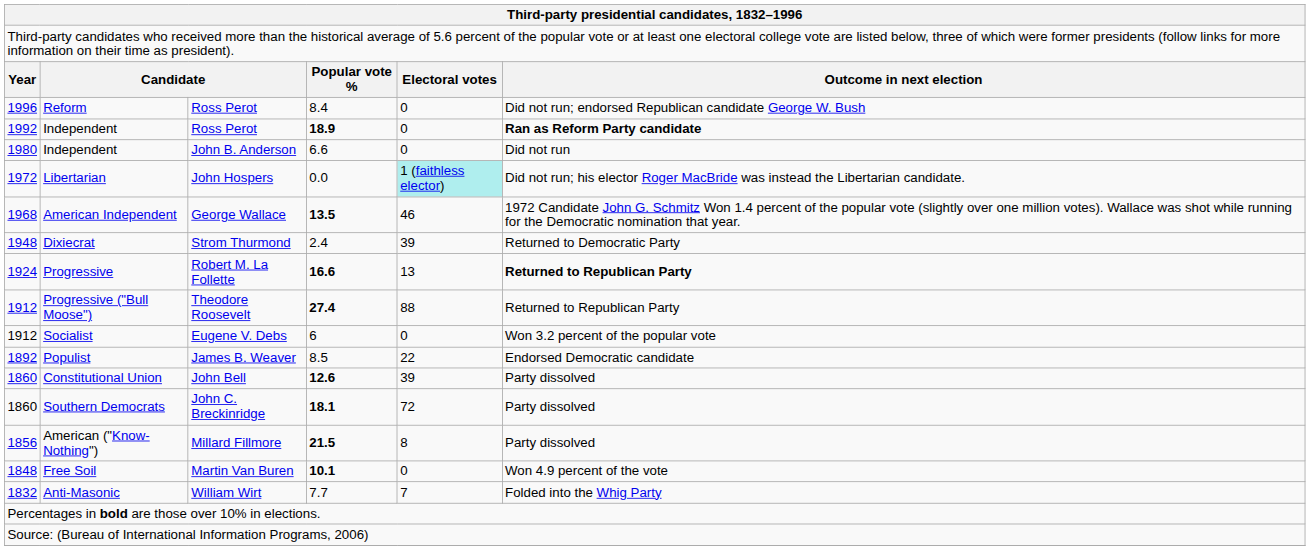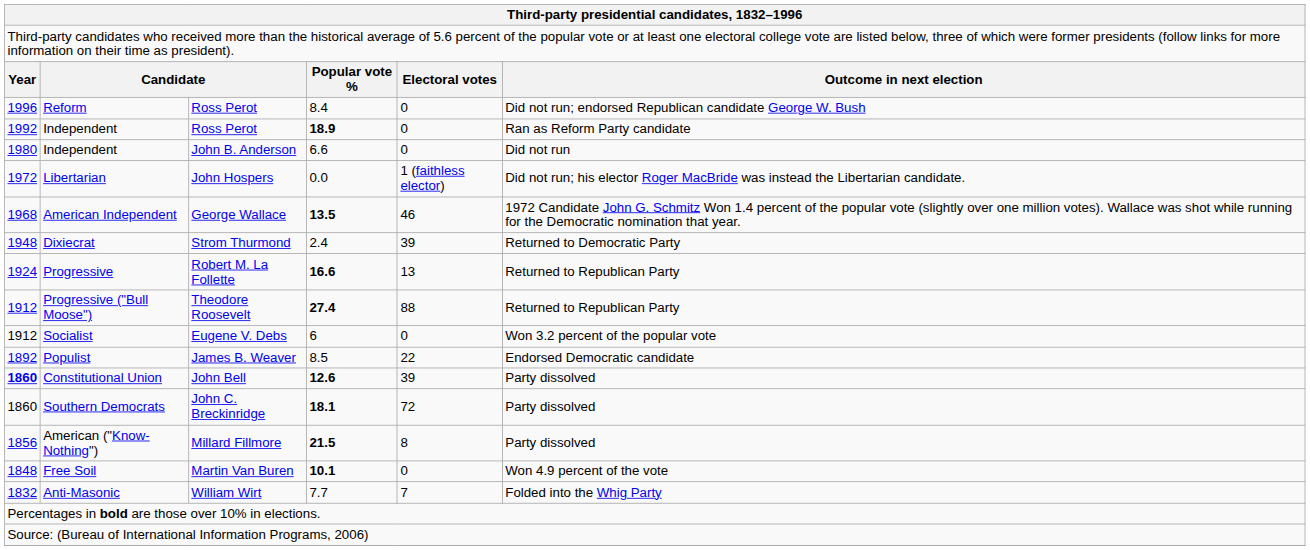 <table class="wikitable">
 <tr>
 <th colspan="6">Third-party presidential candidates, 1832–1996</th>
 </tr>
 <tr>
 <td colspan="6">Third-party candidates who received more than the historical average of 5.6 percent of the popular vote or at least one electoral college vote are listed below, three of which were former presidents (follow links for more information on their time as president).</td>
 </tr>
 <tr>
 <th>Year</th>
 <th colspan="2">Candidate</th>
 <th>Popular vote %</th>
 <th>Electoral votes</th>
 <th>Outcome in next election</th>
 </tr>
 <tr>
 <td><a href='#'>1996</a></td>
 <td><a href='#'>Reform</a></td>
 <td><a href='#'>Ross Perot</a></td>
 <td>8.4</td>
 <td>0</td>
 <td>Did not run; endorsed Republican candidate <a href='#'>George W. Bush</a></td>
 </tr>
 <tr>
 <td><a href='#'>1992</a></td>
 <td>Independent</td>
 <td><a href='#'>Ross Perot</a></td>
 <td><strong>18.9</strong></td>
 <td>0</td>
-<td><strong>Ran as Reform Party candidate</strong></td>
+<td>Ran as Reform Party candidate</td>
 </tr>
 <tr>
 <td><a href='#'>1980</a></td>
 <td>Independent</td>
 <td><a href='#'>John B. Anderson</a></td>
 <td>6.6</td>
 <td>0</td>
 <td>Did not run</td>
 </tr>
 <tr>
 <td><a href='#'>1972</a></td>
 <td><a href='#'>Libertarian</a></td>
 <td><a href='#'>John Hospers</a></td>
 <td>0.0</td>
-<td style="background: paleturquoise;">1 (<a href='#'>faithless elector</a>)</td>
+<td>1 (<a href='#'>faithless elector</a>)</td>
 <td>Did not run; his elector <a href='#'>Roger MacBride</a> was instead the Libertarian candidate.</td>
 </tr>
 <tr>
 <td><a href='#'>1968</a></td>
 <td><a href='#'>American Independent</a></td>
 <td><a href='#'>George Wallace</a></td>
 <td><strong>13.5</strong></td>
 <td>46</td>
 <td>1972 Candidate <a href='#'>John G. Schmitz</a> Won 1.4 percent of the popular vote (slightly over one million votes). Wallace was shot while running for the Democratic nomination that year.</td>
 </tr>
 <tr>
 <td><a href='#'>1948</a></td>
 <td><a href='#'>Dixiecrat</a></td>
 <td><a href='#'>Strom Thurmond</a></td>
 <td>2.4</td>
 <td>39</td>
 <td>Returned to Democratic Party</td>
 </tr>
 <tr>
 <td><a href='#'>1924</a></td>
 <td><a href='#'>Progressive</a></td>
 <td><a href='#'>Robert M. La Follette</a></td>
 <td><strong>16.6</strong></td>
 <td>13</td>
-<td><strong>Returned to Republican Party</strong></td>
+<td>Returned to Republican Party</td>
 </tr>
 <tr>
 <td><a href='#'>1912</a></td>
 <td><a href='#'>Progressive ("Bull Moose")</a></td>
 <td><a href='#'>Theodore Roosevelt</a></td>
 <td><strong>27.4</strong></td>
 <td>88</td>
 <td>Returned to Republican Party</td>
 </tr>
 <tr>
 <td>1912</td>
 <td><a href='#'>Socialist</a></td>
 <td><a href='#'>Eugene V. Debs</a></td>
 <td>6</td>
 <td>0</td>
 <td>Won 3.2 percent of the popular vote</td>
 </tr>
 <tr>
 <td><a href='#'>1892</a></td>
 <td><a href='#'>Populist</a></td>
 <td><a href='#'>James B. Weaver</a></td>
 <td>8.5</td>
 <td>22</td>
 <td>Endorsed Democratic candidate</td>
 </tr>
 <tr>
-<td><a href='#'>1860</a></td>
+<td><strong><a href='#'>1860</a></strong></td>
 <td><a href='#'>Constitutional Union</a></td>
 <td><a href='#'>John Bell</a></td>
 <td><strong>12.6</strong></td>
 <td>39</td>
 <td>Party dissolved</td>
 </tr>
 <tr>
 <td>1860</td>
 <td><a href='#'>Southern Democrats</a></td>
 <td><a href='#'>John C. Breckinridge</a></td>
 <td><strong>18.1</strong></td>
 <td>72</td>
 <td>Party dissolved</td>
 </tr>
 <tr>
 <td><a href='#'>1856</a></td>
 <td>American ("<a href='#'>Know-Nothing</a>")</td>
 <td><a href='#'>Millard Fillmore</a></td>
 <td><strong>21.5</strong></td>
 <td>8</td>
 <td>Party dissolved</td>
 </tr>
 <tr>
 <td><a href='#'>1848</a></td>
 <td><a href='#'>Free Soil</a></td>
 <td><a href='#'>Martin Van Buren</a></td>
 <td><strong>10.1</strong></td>
 <td>0</td>
 <td>Won 4.9 percent of the vote</td>
 </tr>
 <tr>
 <td><a href='#'>1832</a></td>
 <td><a href='#'>Anti-Masonic</a></td>
 <td><a href='#'>William Wirt</a></td>
 <td>7.7</td>
 <td>7</td>
 <td>Folded into the <a href='#'>Whig Party</a></td>
 </tr>
 <tr>
 <td colspan="6">Percentages in <strong>bold</strong> are those over 10% in elections.</td>
 </tr>
 <tr>
 <td colspan="6">Source: (Bureau of International Information Programs, 2006)</td>
 </tr>
 <tr>
 </tr>
 </table>
